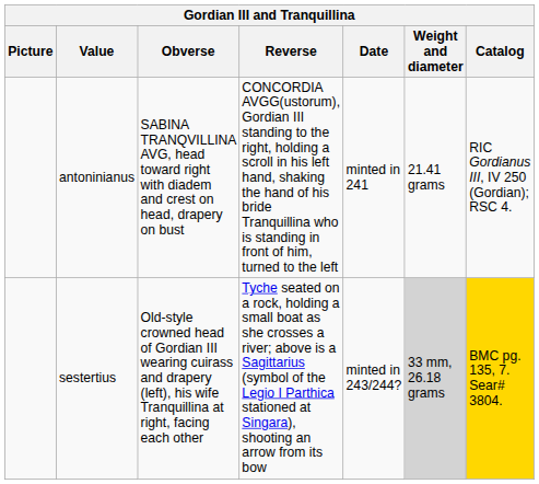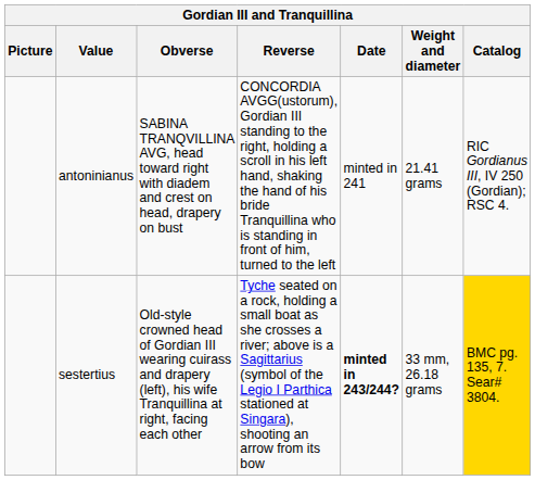 <table class="wikitable">
 <tr>
 <th colspan="7">Gordian III and Tranquillina</th>
 </tr>
 <tr>
 <th>Picture</th>
 <th>Value</th>
 <th>Obverse</th>
 <th>Reverse</th>
 <th>Date</th>
 <th>Weight and diameter</th>
 <th>Catalog</th>
 </tr>
 <tr>
 <td></td>
 <td>antoninianus</td>
 <td>SABINA TRANQVILLINA AVG, head toward right with diadem and crest on head, drapery on bust</td>
 <td>CONCORDIA AVGG(ustorum), Gordian III standing to the right, holding a scroll in his left hand, shaking the hand of his bride Tranquillina who is standing in front of him, turned to the left</td>
 <td>minted in 241</td>
 <td>21.41 grams</td>
 <td>RIC <em>Gordianus III</em>, IV 250 (Gordian); RSC 4.</td>
 </tr>
 <tr>
 <td></td>
 <td>sestertius</td>
 <td>Old-style crowned head of Gordian III wearing cuirass and drapery (left), his wife Tranquillina at right, facing each other</td>
 <td><a href='#'>Tyche</a> seated on a rock, holding a small boat as she crosses a river; above is a <a href='#'>Sagittarius</a> (symbol of the <a href='#'>Legio I Parthica</a> stationed at <a href='#'>Singara</a>), shooting an arrow from its bow</td>
-<td>minted in 243/244?</td>
-<td style="background: lightgrey;">33 mm, 26.18 grams</td>
+<td><strong>minted in 243/244?</strong></td>
+<td>33 mm, 26.18 grams</td>
 <td style="background: gold;">BMC pg. 135, 7. Sear# 3804.</td>
 </tr>
 </table>
